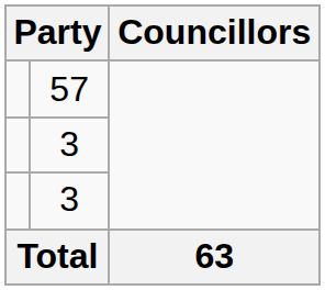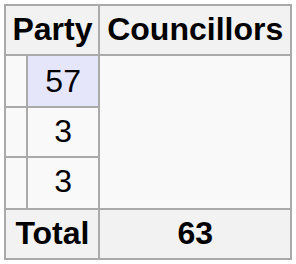 <table class="wikitable">
 <tr>
 <th colspan=2>Party</th>
 <th>Councillors</th>
 </tr>
 <tr>
 <td></td>
-<td align=center>57</td>
+<td align=center style="background: lavender;">57</td>
 </tr>
 <tr>
 <td></td>
 <td align=center>3</td>
 </tr>
 <tr>
 <td></td>
 <td align=center>3</td>
 </tr>
 <tr>
 <th colspan=2>Total</th>
 <th>63</th>
 </tr>
 </table>
